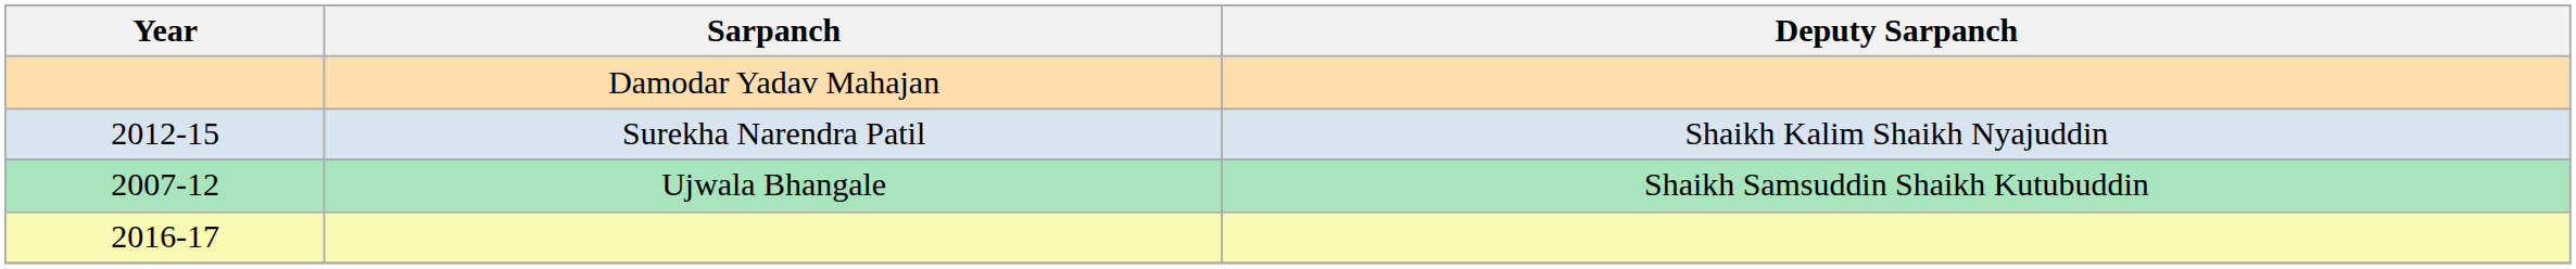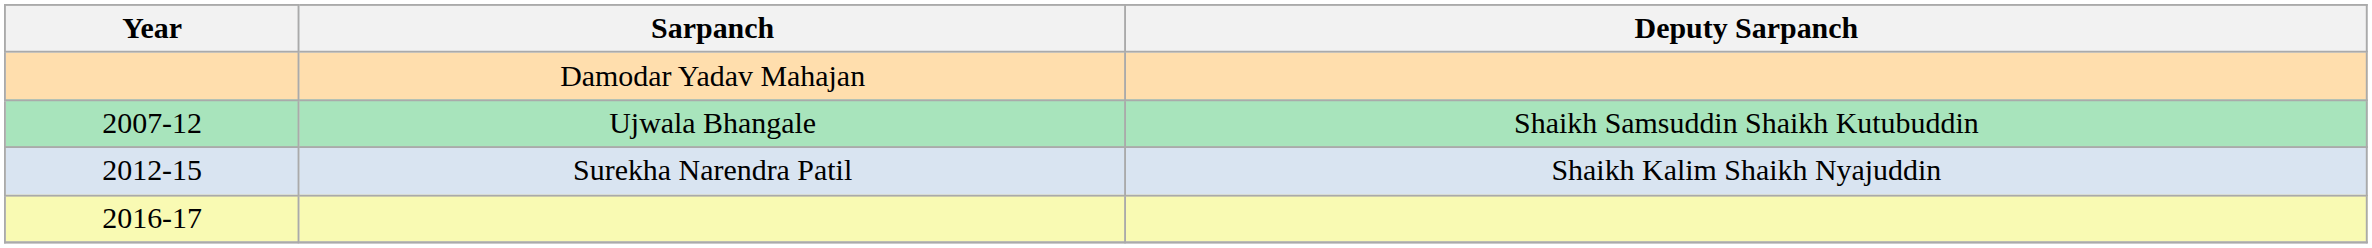 <table class="wikitable" width="100%">
 <tr style="background:#d9e4f1; text-align:center;">
 <th>Year</th>
 <th>Sarpanch</th>
 <th>Deputy Sarpanch</th>
 </tr>
 <tr rowspan="1" style="text-align:center; background:#ffdead; textcolor:#000;">
 <td></td>
 <td>Damodar Yadav Mahajan</td>
 <td></td>
 </tr>
+<tr rowspan="1" style="text-align:center; background:#a8e4bc; textcolor:#000;">
+<td>2007-12</td>
+<td>Ujwala Bhangale</td>
+<td>Shaikh Samsuddin Shaikh Kutubuddin</td>
+</tr>
 <tr rowspan="1" style="text-align:center; background:#d9e4f1; textcolor:#000;">
 <td>2012-15</td>
 <td>Surekha Narendra Patil</td>
 <td>Shaikh Kalim Shaikh Nyajuddin</td>
-</tr>
-<tr rowspan="1" style="text-align:center; background:#a8e4bc; textcolor:#000;">
-<td>2007-12</td>
-<td>Ujwala Bhangale</td>
-<td>Shaikh Samsuddin Shaikh Kutubuddin</td>
 </tr>
 <tr rowspan="1" style="text-align:center; background:#f9fab3; textcolor:#000;">
 <td>2016-17</td>
 <td></td>
 <td></td>
 </tr>
 <tr rowspan="1" style="text-align:center; background:#f9fab3; textcolor:#000;">
 </tr>
 </table>
